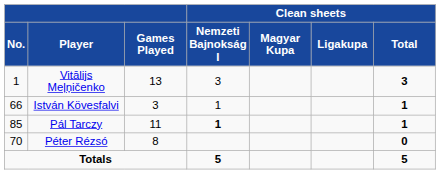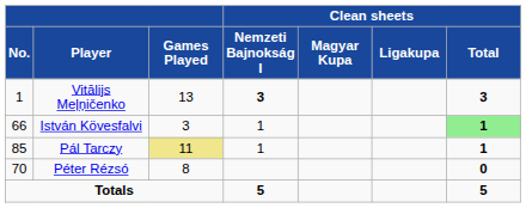 <table class="wikitable sortable alternance" style="text-align:center">
 <tr>
 <th colspan="3" style="background:#18479C"></th>
 <th colspan="4" style="background:#18479C;color:white">Clean sheets</th>
 </tr>
 <tr>
 <th style="background-color:#18479C;color:white">No.</th>
 <th style="background-color:#18479C;color:white">Player</th>
 <th width=80 style="background-color:#18479C;color:white">Games Played</th>
 <th width=80 style="background-color:#18479C;color:white">Nemzeti Bajnokság I</th>
 <th width=80 style="background-color:#18479C;color:white">Magyar Kupa</th>
 <th width=80 style="background-color:#18479C;color:white">Ligakupa</th>
 <th width=80 style="background-color:#18479C;color:white">Total</th>
 </tr>
 <tr>
 <td>1</td>
 <td> <a href='#'>Vitālijs Meļņičenko</a></td>
 <td>13</td>
-<td>3</td>
+<td><strong>3</strong></td>
 <td></td>
 <td></td>
 <td><strong>3</strong></td>
 </tr>
 <tr>
 <td>66</td>
 <td> <a href='#'>István Kövesfalvi</a></td>
 <td>3</td>
 <td>1</td>
 <td></td>
 <td></td>
-<td><strong>1</strong></td>
+<td style="background: lightgreen;"><strong>1</strong></td>
 </tr>
 <tr>
 <td>85</td>
 <td> <a href='#'>Pál Tarczy</a></td>
-<td>11</td>
-<td><strong>1</strong></td>
+<td style="background: khaki;">11</td>
+<td>1</td>
 <td></td>
 <td></td>
 <td><strong>1</strong></td>
 </tr>
 <tr>
 <td>70</td>
 <td> <a href='#'>Péter Rézsó</a></td>
 <td>8</td>
 <td></td>
 <td></td>
 <td></td>
 <td><strong>0</strong></td>
 </tr>
 <tr class="sortbottom">
 <td colspan="3"><strong>Totals</strong></td>
 <td><strong>5</strong></td>
 <td></td>
 <td></td>
 <td><strong>5</strong></td>
 </tr>
 </table>
